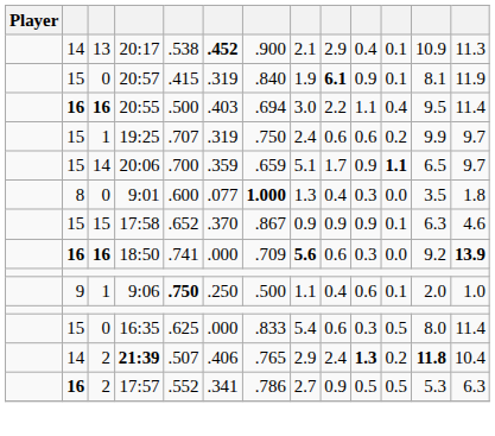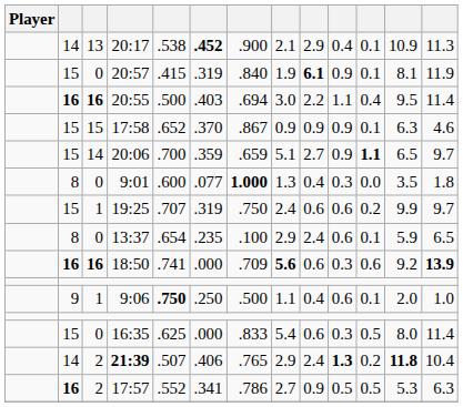 <table class="wikitable sortable" style="font-size:95%; text-align:right;">
 <tr>
 <th>Player</th>
 <th></th>
 <th></th>
 <th></th>
 <th></th>
 <th></th>
 <th></th>
 <th></th>
 <th></th>
 <th></th>
 <th></th>
 <th></th>
 <th></th>
 </tr>
 <tr>
 <td><strong></strong></td>
 <td>14</td>
 <td>13</td>
 <td>20:17</td>
 <td>.538</td>
 <td><strong>.452</strong></td>
 <td>.900</td>
 <td>2.1</td>
 <td>2.9</td>
 <td>0.4</td>
 <td>0.1</td>
 <td>10.9</td>
 <td>11.3</td>
 </tr>
 <tr>
 <td><strong></strong></td>
 <td>15</td>
 <td>0</td>
 <td>20:57</td>
 <td>.415</td>
 <td>.319</td>
 <td>.840</td>
 <td>1.9</td>
 <td><strong>6.1</strong></td>
 <td>0.9</td>
 <td>0.1</td>
 <td>8.1</td>
 <td>11.9</td>
 </tr>
 <tr>
 <td><strong></strong></td>
 <td><strong>16</strong></td>
 <td><strong>16</strong></td>
 <td>20:55</td>
 <td>.500</td>
 <td>.403</td>
 <td>.694</td>
 <td>3.0</td>
 <td>2.2</td>
 <td>1.1</td>
 <td>0.4</td>
 <td>9.5</td>
 <td>11.4</td>
 </tr>
 <tr>
 <td><strong></strong></td>
 <td>15</td>
-<td>1</td>
-<td>19:25</td>
-<td>.707</td>
-<td>.319</td>
-<td>.750</td>
-<td>2.4</td>
-<td>0.6</td>
-<td>0.6</td>
-<td>0.2</td>
-<td>9.9</td>
-<td>9.7</td>
+<td>15</td>
+<td>17:58</td>
+<td>.652</td>
+<td>.370</td>
+<td>.867</td>
+<td>0.9</td>
+<td>0.9</td>
+<td>0.9</td>
+<td>0.1</td>
+<td>6.3</td>
+<td>4.6</td>
 </tr>
 <tr>
 <td><strong></strong></td>
 <td>15</td>
 <td>14</td>
 <td>20:06</td>
 <td>.700</td>
 <td>.359</td>
 <td>.659</td>
 <td>5.1</td>
-<td>1.7</td>
+<td>2.7</td>
 <td>0.9</td>
 <td><strong>1.1</strong></td>
 <td>6.5</td>
 <td>9.7</td>
 </tr>
 <tr>
 <td><strong></strong></td>
 <td>8</td>
 <td>0</td>
 <td>9:01</td>
 <td>.600</td>
 <td>.077</td>
 <td><strong>1.000</strong></td>
 <td>1.3</td>
 <td>0.4</td>
 <td>0.3</td>
 <td>0.0</td>
 <td>3.5</td>
 <td>1.8</td>
 </tr>
 <tr>
 <td><strong></strong></td>
 <td>15</td>
-<td>15</td>
-<td>17:58</td>
-<td>.652</td>
-<td>.370</td>
-<td>.867</td>
-<td>0.9</td>
-<td>0.9</td>
-<td>0.9</td>
+<td>1</td>
+<td>19:25</td>
+<td>.707</td>
+<td>.319</td>
+<td>.750</td>
+<td>2.4</td>
+<td>0.6</td>
+<td>0.6</td>
+<td>0.2</td>
+<td>9.9</td>
+<td>9.7</td>
+</tr>
+<tr>
+<td><strong></strong></td>
+<td>8</td>
+<td>0</td>
+<td>13:37</td>
+<td>.654</td>
+<td>.235</td>
+<td>.100</td>
+<td>2.9</td>
+<td>2.4</td>
+<td>0.6</td>
 <td>0.1</td>
-<td>6.3</td>
-<td>4.6</td>
+<td>5.9</td>
+<td>6.5</td>
 </tr>
 <tr>
 <td><strong></strong></td>
 <td><strong>16</strong></td>
 <td><strong>16</strong></td>
 <td>18:50</td>
 <td>.741</td>
 <td>.000</td>
 <td>.709</td>
 <td><strong>5.6</strong></td>
 <td>0.6</td>
 <td>0.3</td>
-<td>0.0</td>
+<td>0.6</td>
 <td>9.2</td>
 <td><strong>13.9</strong></td>
 </tr>
 <tr>
 <td><strong></strong></td>
 <td colspan=12 data-sort-value="-50"></td>
 </tr>
 <tr>
 <td><strong></strong></td>
 <td>9</td>
 <td>1</td>
 <td>9:06</td>
 <td><strong>.750</strong></td>
 <td>.250</td>
 <td>.500</td>
 <td>1.1</td>
 <td>0.4</td>
 <td>0.6</td>
 <td>0.1</td>
 <td>2.0</td>
 <td>1.0</td>
 </tr>
 <tr>
 <td><strong></strong></td>
 <td colspan=12 data-sort-value="-50"></td>
 </tr>
 <tr>
 <td><strong></strong></td>
 <td>15</td>
 <td>0</td>
 <td>16:35</td>
 <td>.625</td>
 <td>.000</td>
 <td>.833</td>
 <td>5.4</td>
 <td>0.6</td>
 <td>0.3</td>
 <td>0.5</td>
 <td>8.0</td>
 <td>11.4</td>
 </tr>
 <tr>
 <td><strong></strong></td>
 <td>14</td>
 <td>2</td>
 <td><strong>21:39</strong></td>
 <td>.507</td>
 <td>.406</td>
 <td>.765</td>
 <td>2.9</td>
 <td>2.4</td>
 <td><strong>1.3</strong></td>
 <td>0.2</td>
 <td><strong>11.8</strong></td>
 <td>10.4</td>
 </tr>
 <tr>
 <td><strong></strong></td>
 <td><strong>16</strong></td>
 <td>2</td>
 <td>17:57</td>
 <td>.552</td>
 <td>.341</td>
 <td>.786</td>
 <td>2.7</td>
 <td>0.9</td>
 <td>0.5</td>
 <td>0.5</td>
 <td>5.3</td>
 <td>6.3</td>
 </tr>
 <tr>
 </tr>
 </table>
